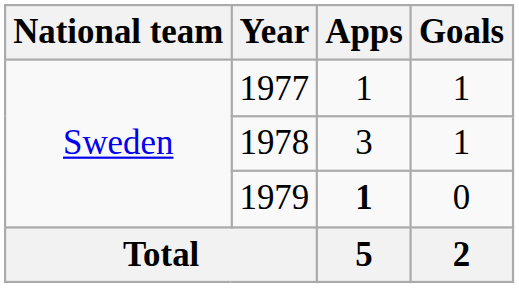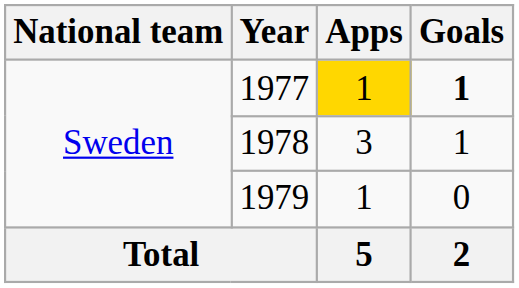 <table class="wikitable" style="text-align:center">
 <tr>
 <th>National team</th>
 <th>Year</th>
 <th>Apps</th>
 <th>Goals</th>
 </tr>
 <tr>
 <td rowspan="3"><a href='#'>Sweden</a></td>
 <td>1977</td>
-<td>1</td>
-<td>1</td>
+<td style="background: gold;">1</td>
+<td><strong>1</strong></td>
 </tr>
 <tr>
 <td>1978</td>
 <td>3</td>
 <td>1</td>
 </tr>
 <tr>
 <td>1979</td>
-<td><strong>1</strong></td>
+<td>1</td>
 <td>0</td>
 </tr>
 <tr>
 <th colspan="2">Total</th>
 <th>5</th>
 <th>2</th>
 </tr>
 </table>
